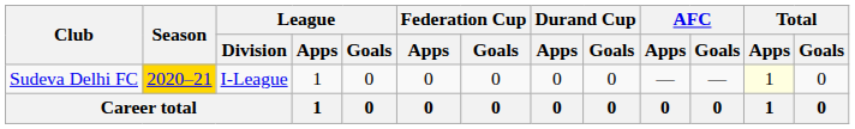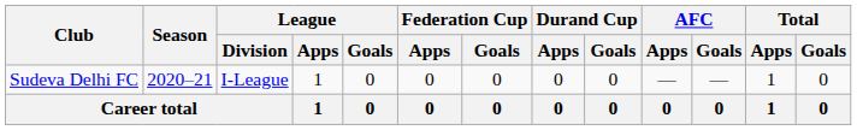 <table class="wikitable" style="text-align: center;">
 <tr>
 <th rowspan="2">Club</th>
 <th rowspan="2">Season</th>
 <th colspan="3">League</th>
 <th colspan="2">Federation Cup</th>
 <th colspan="2">Durand Cup</th>
 <th colspan="2"><a href='#'>AFC</a></th>
 <th colspan="2">Total</th>
 </tr>
 <tr>
 <th>Division</th>
 <th>Apps</th>
 <th>Goals</th>
 <th>Apps</th>
 <th>Goals</th>
 <th>Apps</th>
 <th>Goals</th>
 <th>Apps</th>
 <th>Goals</th>
 <th>Apps</th>
 <th>Goals</th>
 </tr>
 <tr>
 <td rowspan="1"><a href='#'>Sudeva Delhi FC</a></td>
-<td style="background: gold;"><a href='#'>2020–21</a></td>
+<td><a href='#'>2020–21</a></td>
 <td><a href='#'>I-League</a></td>
 <td>1</td>
 <td>0</td>
 <td>0</td>
 <td>0</td>
 <td>0</td>
 <td>0</td>
 <td>—</td>
 <td>—</td>
-<td style="background: lightyellow;">1</td>
+<td>1</td>
 <td>0</td>
 </tr>
 <tr>
 <th colspan="3">Career total</th>
 <th>1</th>
 <th>0</th>
 <th>0</th>
 <th>0</th>
 <th>0</th>
 <th>0</th>
 <th>0</th>
 <th>0</th>
 <th>1</th>
 <th>0</th>
 </tr>
 </table>
